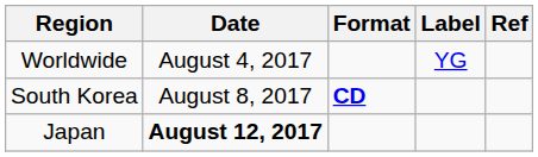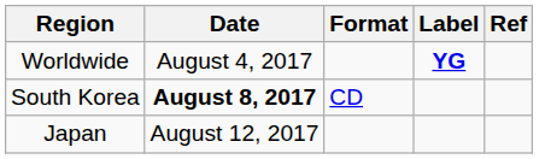 <table class="wikitable">
 <tr>
 <th>Region</th>
 <th>Date</th>
 <th>Format</th>
 <th>Label</th>
 <th>Ref</th>
 </tr>
 <tr>
 <td style="text-align:center;">Worldwide</td>
 <td style="text-align:center;">August 4, 2017</td>
 <td></td>
-<td style="text-align:center;"><a href='#'>YG</a></td>
+<td style="text-align:center;"><strong><a href='#'>YG</a></strong></td>
 <td style="text-align:center;"></td>
 </tr>
 <tr>
 <td style="text-align:center;">South Korea</td>
-<td style="text-align:center;">August 8, 2017</td>
-<td><strong><a href='#'>CD</a></strong></td>
+<td style="text-align:center;"><strong>August 8, 2017</strong></td>
+<td><a href='#'>CD</a></td>
 <td style="text-align:center;"></td>
 <td style="text-align:center;"></td>
 </tr>
 <tr>
 <td style="text-align:center;">Japan</td>
-<td style="text-align:center;"><strong>August 12, 2017</strong></td>
+<td style="text-align:center;">August 12, 2017</td>
 <td style="text-align:center;"></td>
 <td rowspan="2"></td>
 <td></td>
 </tr>
 </table>
